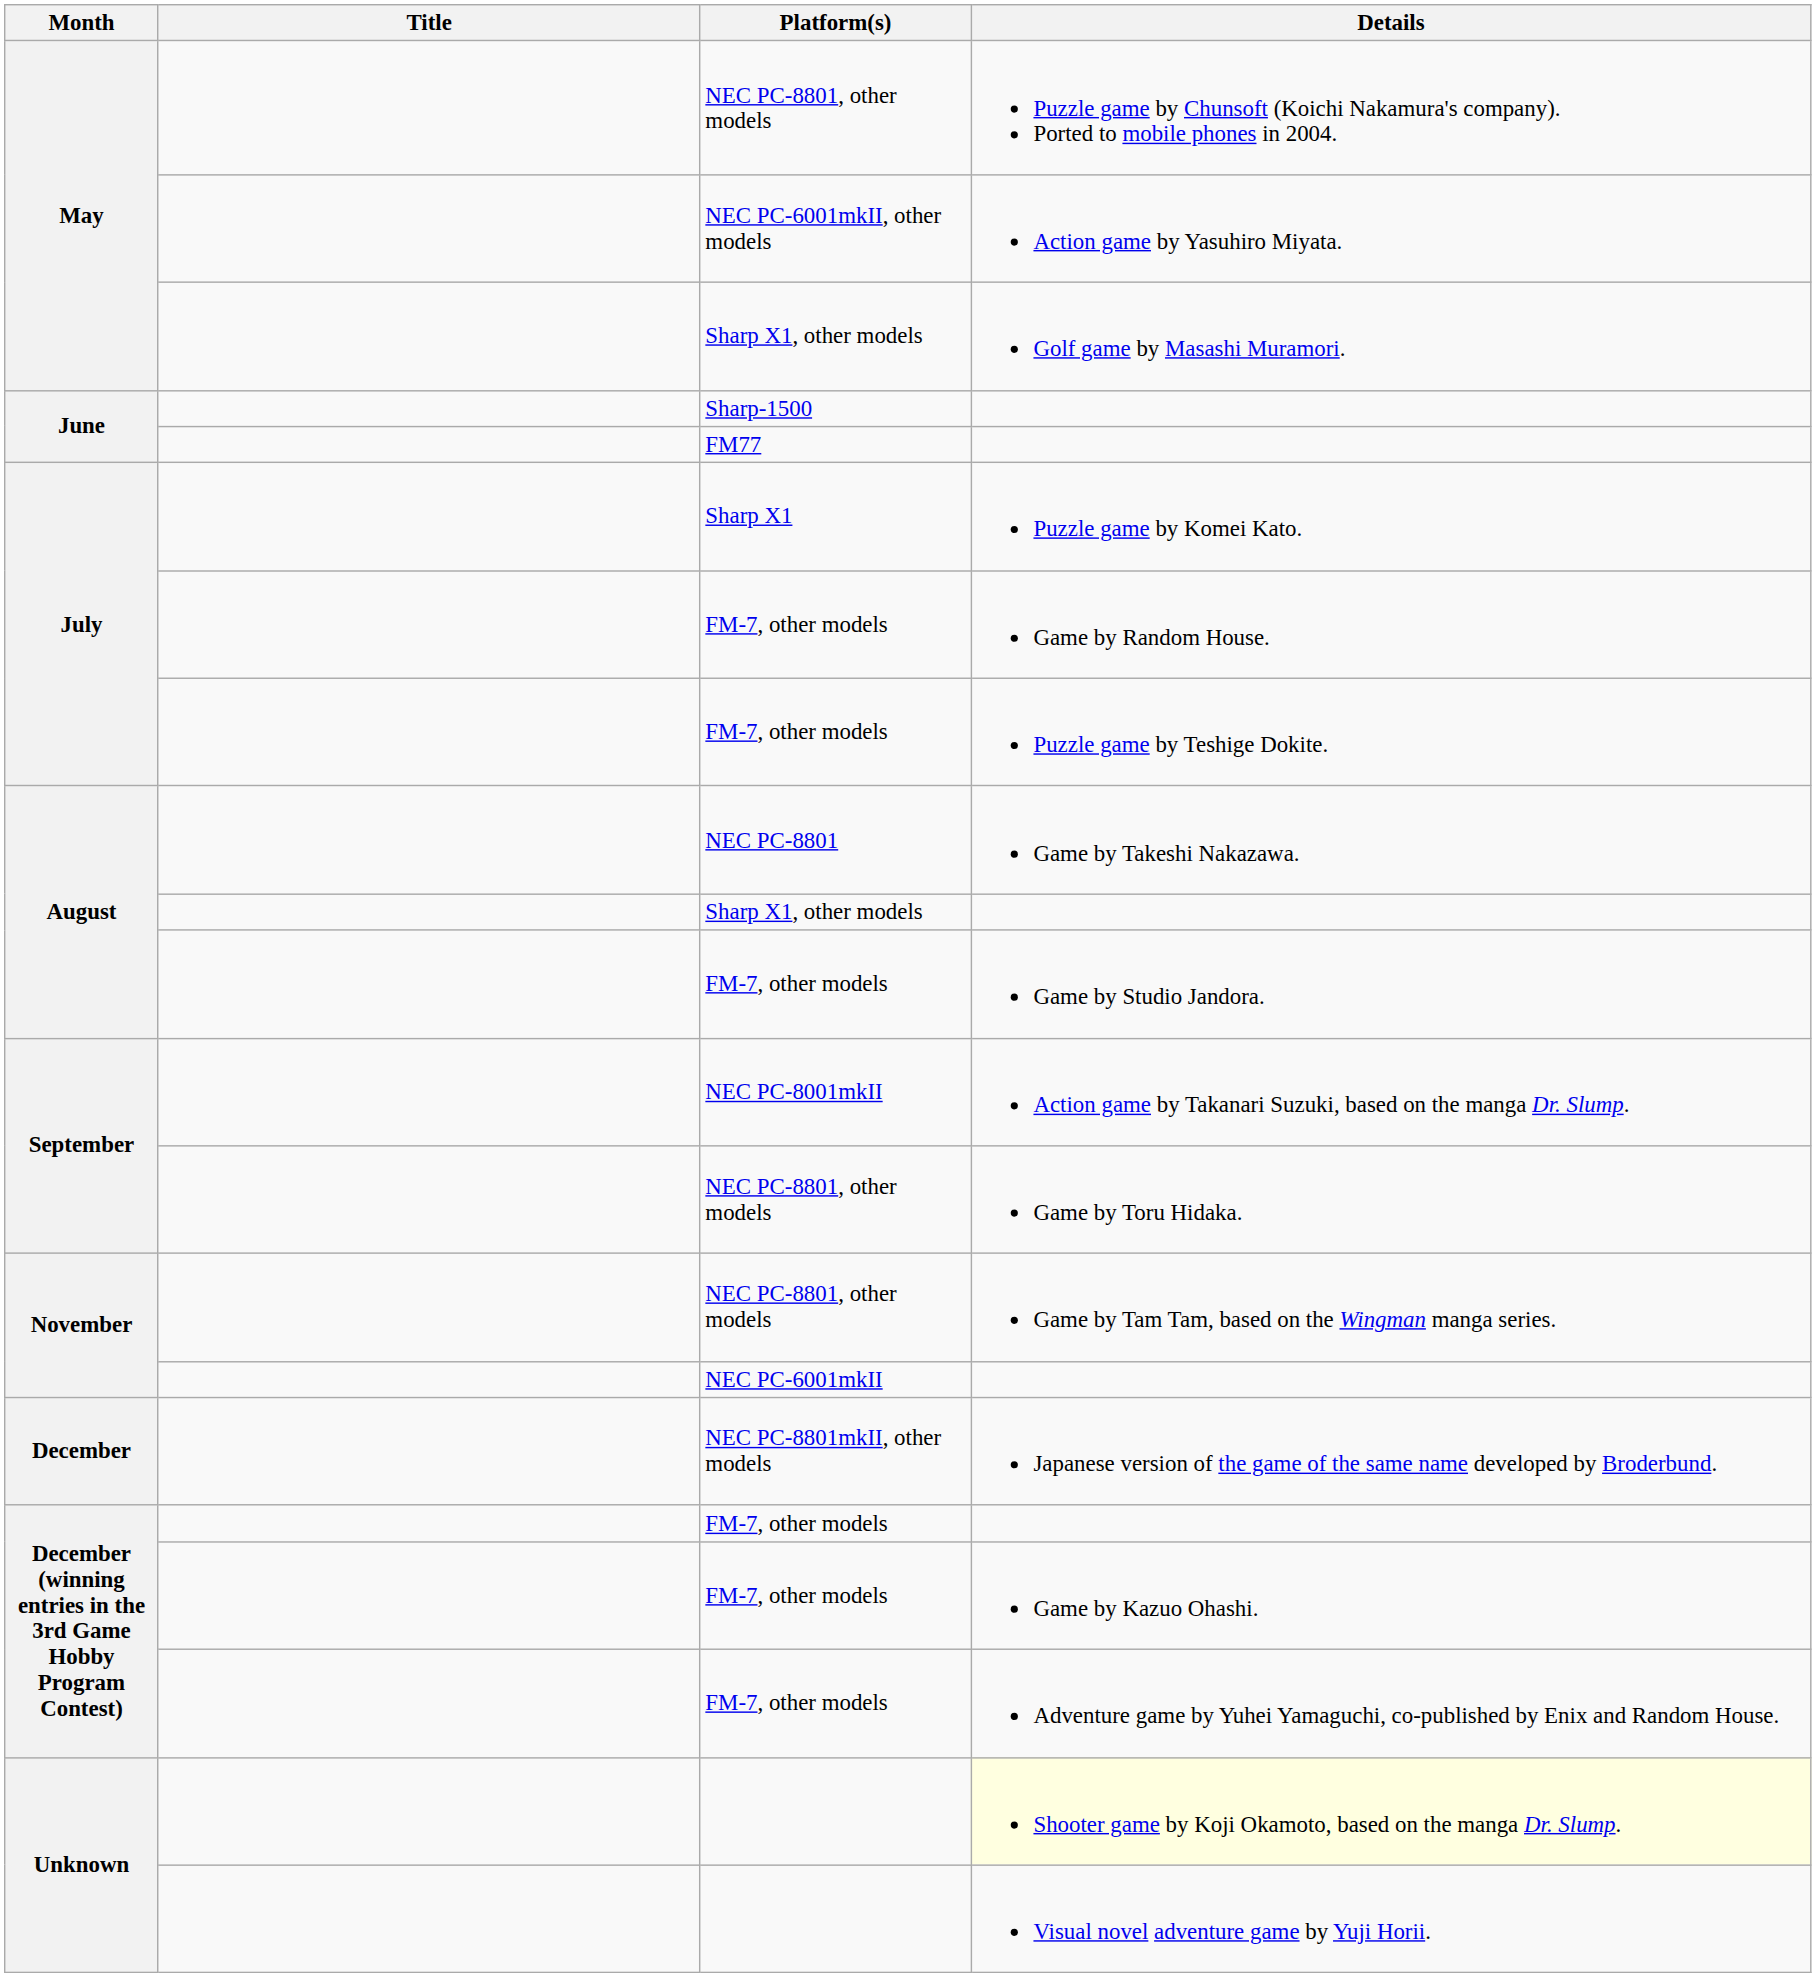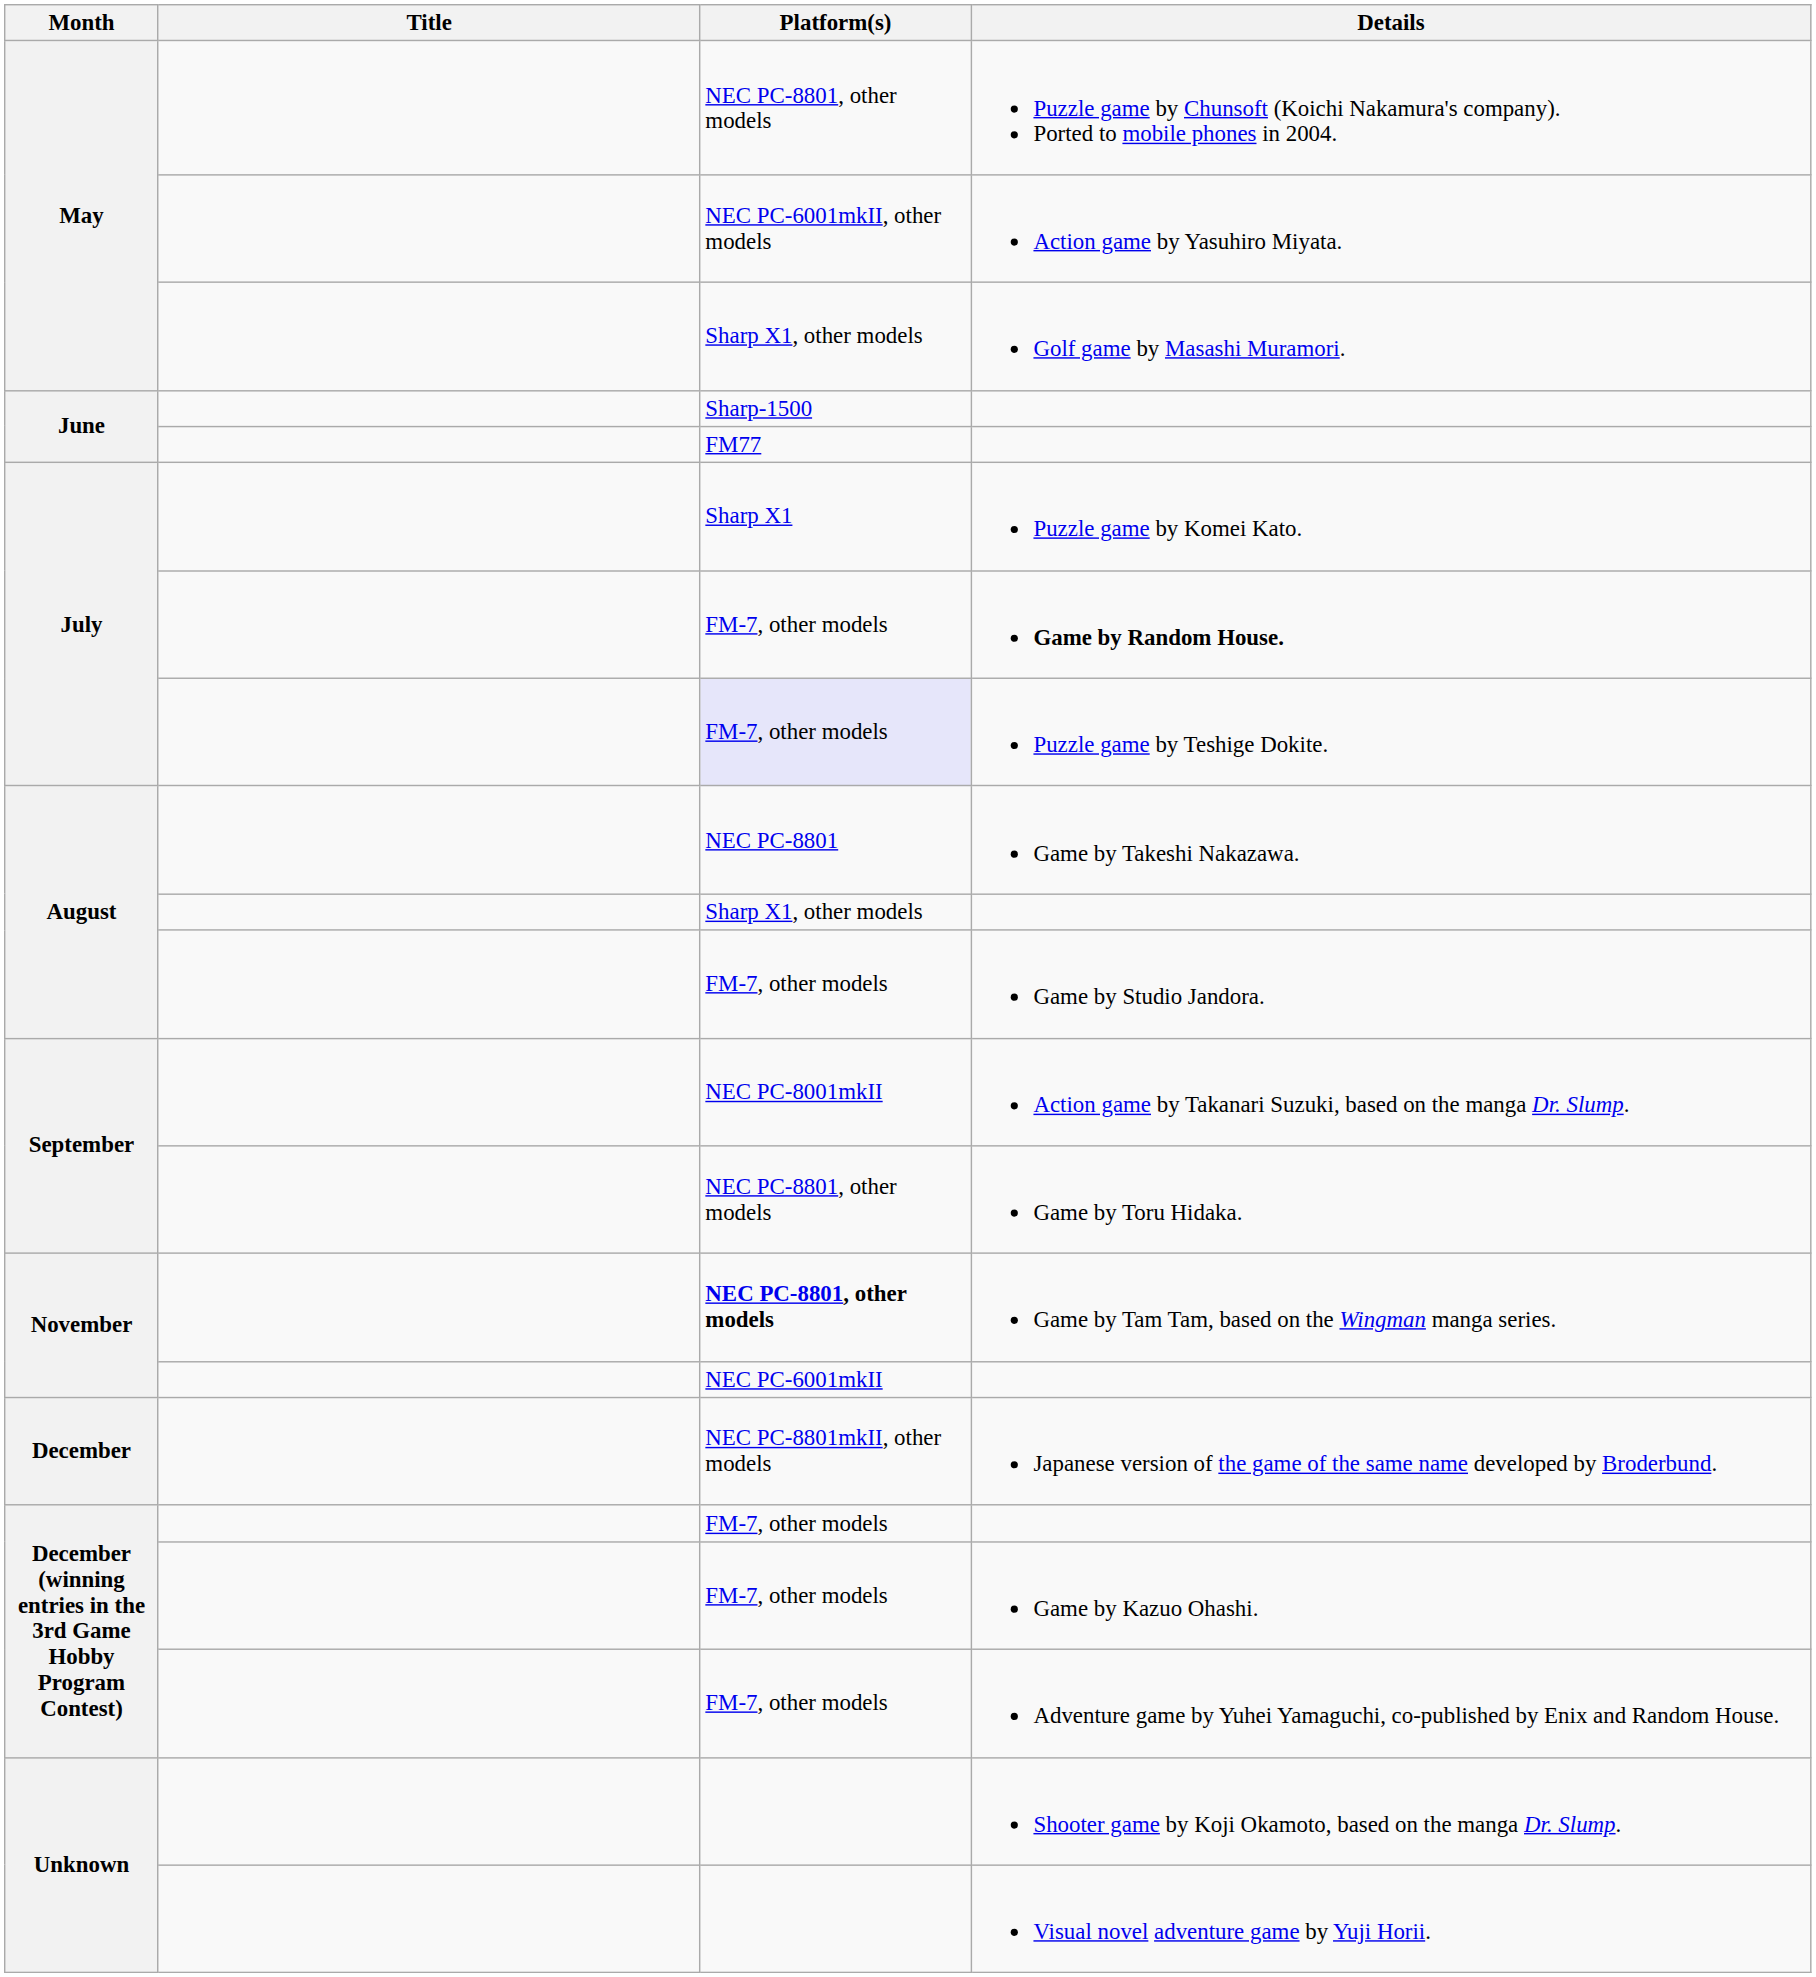 <table class="wikitable" width="100%">
 <tr>
 <th scope="col" width="100px">Month</th>
 <th scope="col" width="30%">Title</th>
 <th scope="col" width="15%">Platform(s)</th>
 <th scope="col">Details</th>
 </tr>
 <tr>
 <th scope="row" rowspan="3">May</th>
 <td></td>
 <td><a href='#'>NEC PC-8801</a>, other models</td>
 <td><br><ul><li><a href='#'>Puzzle game</a> by <a href='#'>Chunsoft</a> (Koichi Nakamura's company).</li><li>Ported to <a href='#'>mobile phones</a> in 2004.</li></ul></td>
 </tr>
 <tr>
 <td></td>
 <td><a href='#'>NEC PC-6001mkII</a>, other models</td>
 <td><br><ul><li><a href='#'>Action game</a> by Yasuhiro Miyata.</li></ul></td>
 </tr>
 <tr>
 <td></td>
 <td><a href='#'>Sharp X1</a>, other models</td>
 <td><br><ul><li><a href='#'>Golf game</a> by <a href='#'>Masashi Muramori</a>.</li></ul></td>
 </tr>
 <tr>
 <th scope="row" rowspan="2">June</th>
 <td></td>
 <td><a href='#'>Sharp-1500</a></td>
 <td></td>
 </tr>
 <tr>
 <td></td>
 <td><a href='#'>FM77</a></td>
 <td></td>
 </tr>
 <tr>
 <th scope="row" rowspan="3">July</th>
 <td></td>
 <td><a href='#'>Sharp X1</a></td>
 <td><br><ul><li><a href='#'>Puzzle game</a> by Komei Kato.</li></ul></td>
 </tr>
 <tr>
 <td></td>
 <td><a href='#'>FM-7</a>, other models</td>
-<td><br><ul><li>Game by Random House.</li></ul></td>
+<td><strong><br><ul><li>Game by Random House.</li></ul></strong></td>
 </tr>
 <tr>
 <td></td>
-<td><a href='#'>FM-7</a>, other models</td>
+<td style="background: lavender;"><a href='#'>FM-7</a>, other models</td>
 <td><br><ul><li><a href='#'>Puzzle game</a> by Teshige Dokite.</li></ul></td>
 </tr>
 <tr>
 <th scope="row" rowspan="3">August</th>
 <td></td>
 <td><a href='#'>NEC PC-8801</a></td>
 <td><br><ul><li>Game by Takeshi Nakazawa.</li></ul></td>
 </tr>
 <tr>
 <td></td>
 <td><a href='#'>Sharp X1</a>, other models</td>
 <td></td>
 </tr>
 <tr>
 <td></td>
 <td><a href='#'>FM-7</a>, other models</td>
 <td><br><ul><li>Game by Studio Jandora.</li></ul></td>
 </tr>
 <tr>
 <th scope="row" rowspan="2">September</th>
 <td></td>
 <td><a href='#'>NEC PC-8001mkII</a></td>
 <td><br><ul><li><a href='#'>Action game</a> by Takanari Suzuki, based on the manga <em><a href='#'>Dr. Slump</a></em>.</li></ul></td>
 </tr>
 <tr>
 <td></td>
 <td><a href='#'>NEC PC-8801</a>, other models</td>
 <td><br><ul><li>Game by Toru Hidaka.</li></ul></td>
 </tr>
 <tr>
 <th scope="row" rowspan="2">November</th>
 <td></td>
-<td><a href='#'>NEC PC-8801</a>, other models</td>
+<td><strong><a href='#'>NEC PC-8801</a>, other models</strong></td>
 <td><br><ul><li>Game by Tam Tam, based on the <em><a href='#'>Wingman</a></em> manga series.</li></ul></td>
 </tr>
 <tr>
 <td></td>
 <td><a href='#'>NEC PC-6001mkII</a></td>
 <td></td>
 </tr>
 <tr>
 <th scope="row">December</th>
 <td></td>
 <td><a href='#'>NEC PC-8801mkII</a>, other models</td>
 <td><br><ul><li>Japanese version of <a href='#'>the game of the same name</a> developed by <a href='#'>Broderbund</a>.</li></ul></td>
 </tr>
 <tr>
 <th scope="row" rowspan="3">December<br>(winning entries in the 3rd Game Hobby Program Contest)</th>
 <td></td>
 <td><a href='#'>FM-7</a>, other models</td>
 <td></td>
 </tr>
 <tr>
 <td></td>
 <td><a href='#'>FM-7</a>, other models</td>
 <td><br><ul><li>Game by Kazuo Ohashi.</li></ul></td>
 </tr>
 <tr>
 <td></td>
 <td><a href='#'>FM-7</a>, other models</td>
 <td><br><ul><li>Adventure game by Yuhei Yamaguchi, co-published by Enix and Random House.</li></ul></td>
 </tr>
 <tr>
 <th scope="row" rowspan="2">Unknown</th>
 <td></td>
 <td></td>
-<td style="background: lightyellow;"><br><ul><li><a href='#'>Shooter game</a> by Koji Okamoto, based on the manga <em><a href='#'>Dr. Slump</a></em>.</li></ul></td>
+<td><br><ul><li><a href='#'>Shooter game</a> by Koji Okamoto, based on the manga <em><a href='#'>Dr. Slump</a></em>.</li></ul></td>
 </tr>
 <tr>
 <td></td>
 <td></td>
 <td><br><ul><li><a href='#'>Visual novel</a> <a href='#'>adventure game</a> by <a href='#'>Yuji Horii</a>.</li></ul></td>
 </tr>
 </table>
